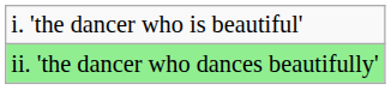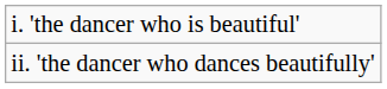 <table class="wikitable" border="1">
 <tr>
 <td>i.  'the dancer who is beautiful'</td>
 </tr>
 <tr>
-<td style="background: lightgreen;">ii. 'the dancer who dances beautifully' </td>
+<td>ii. 'the dancer who dances beautifully' </td>
 </tr>
 </table>
